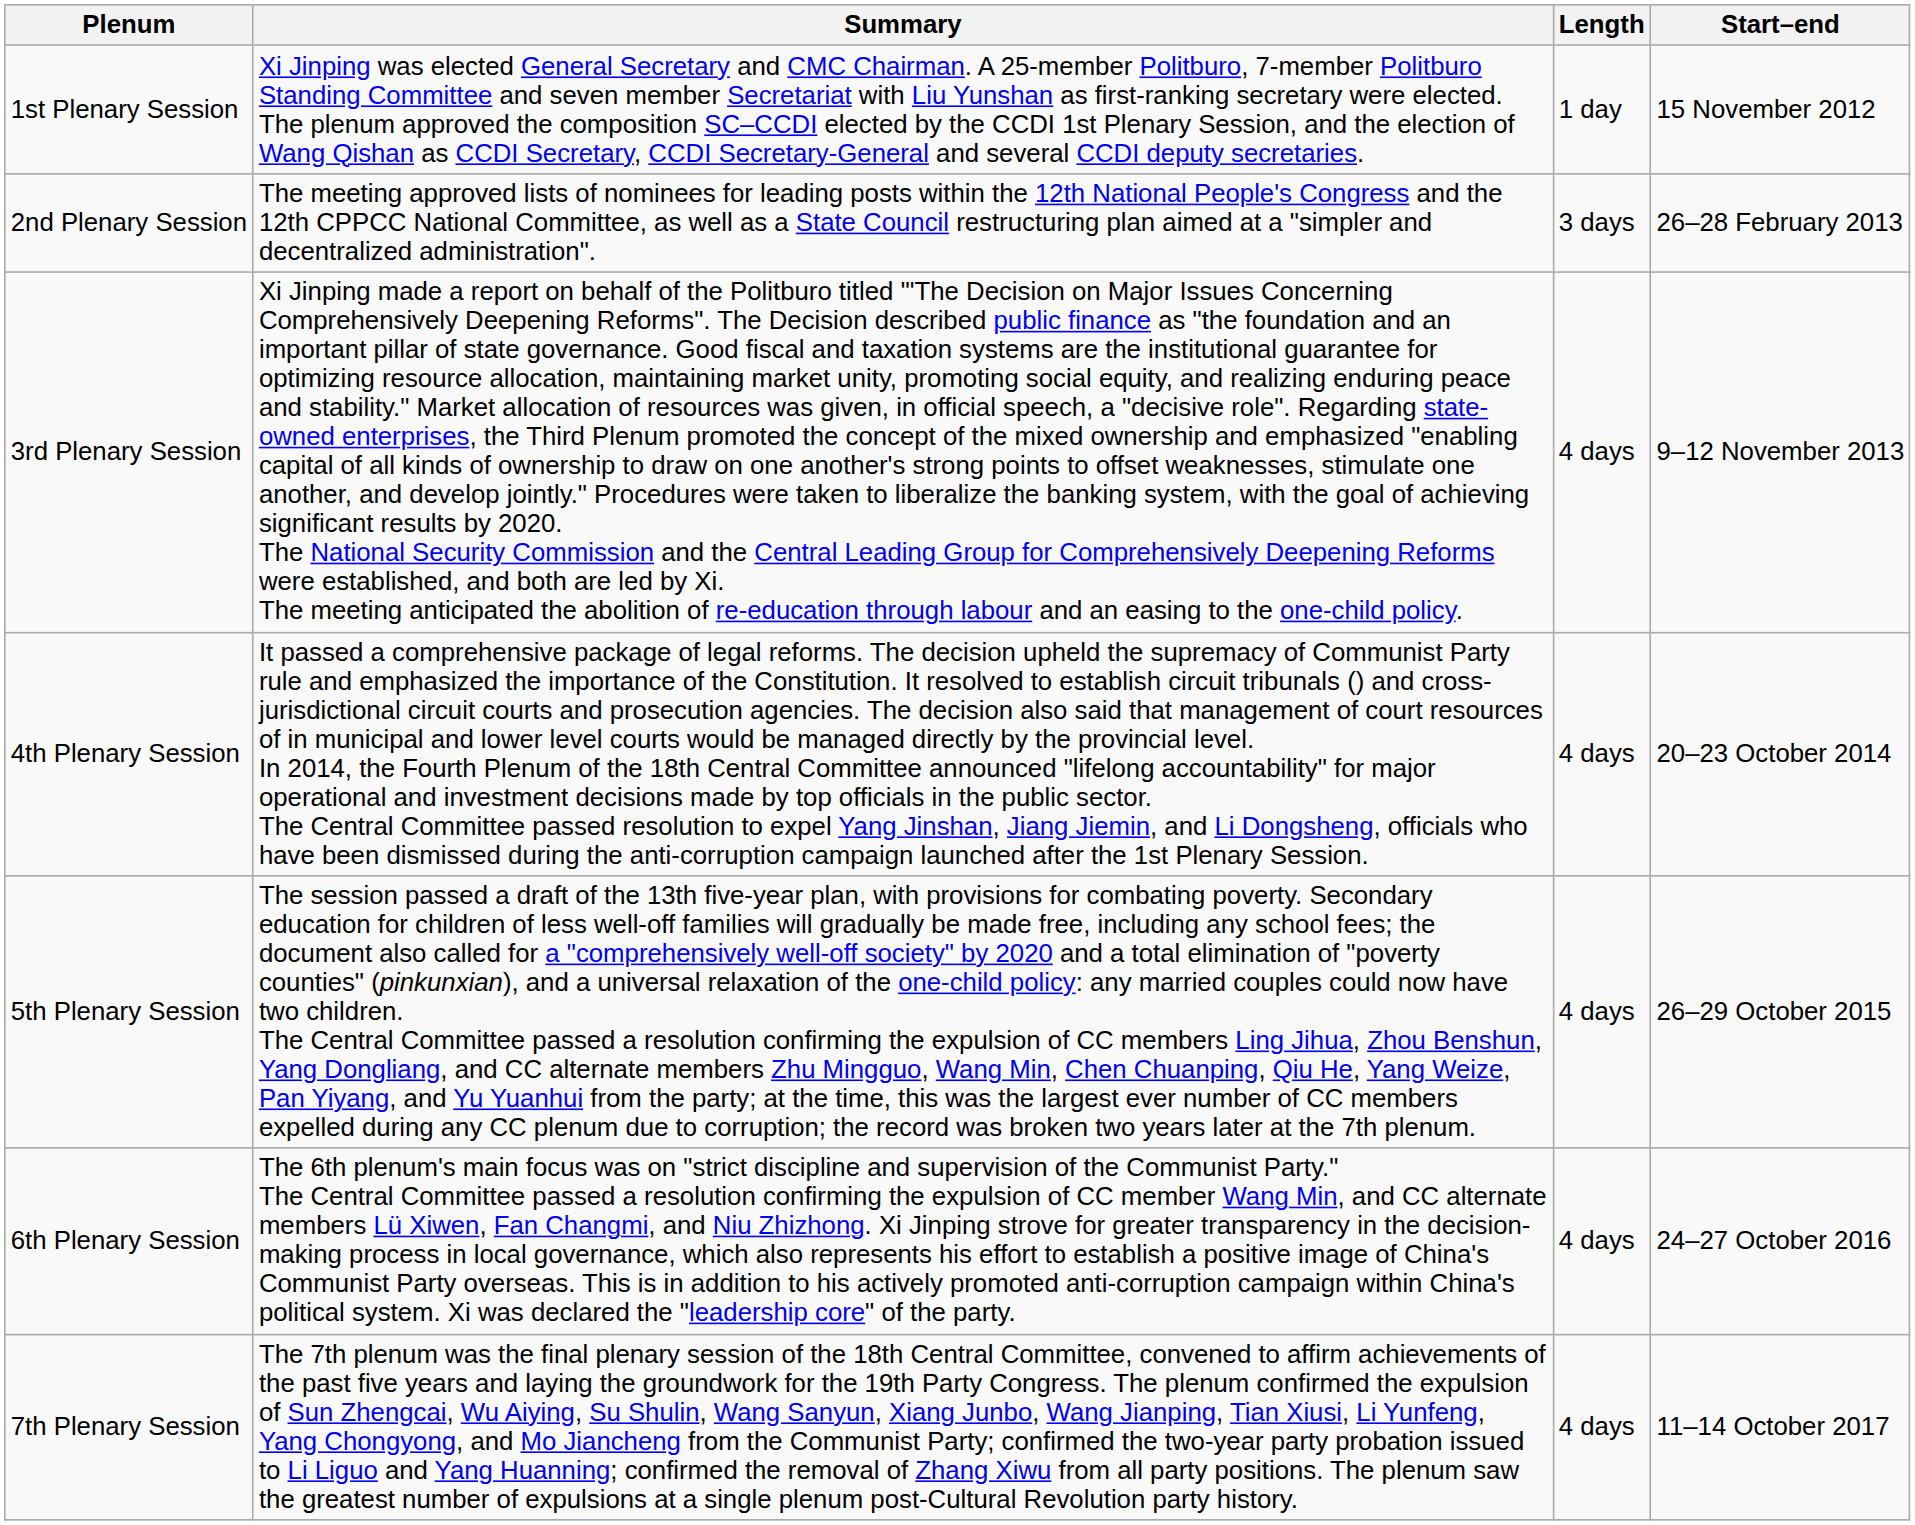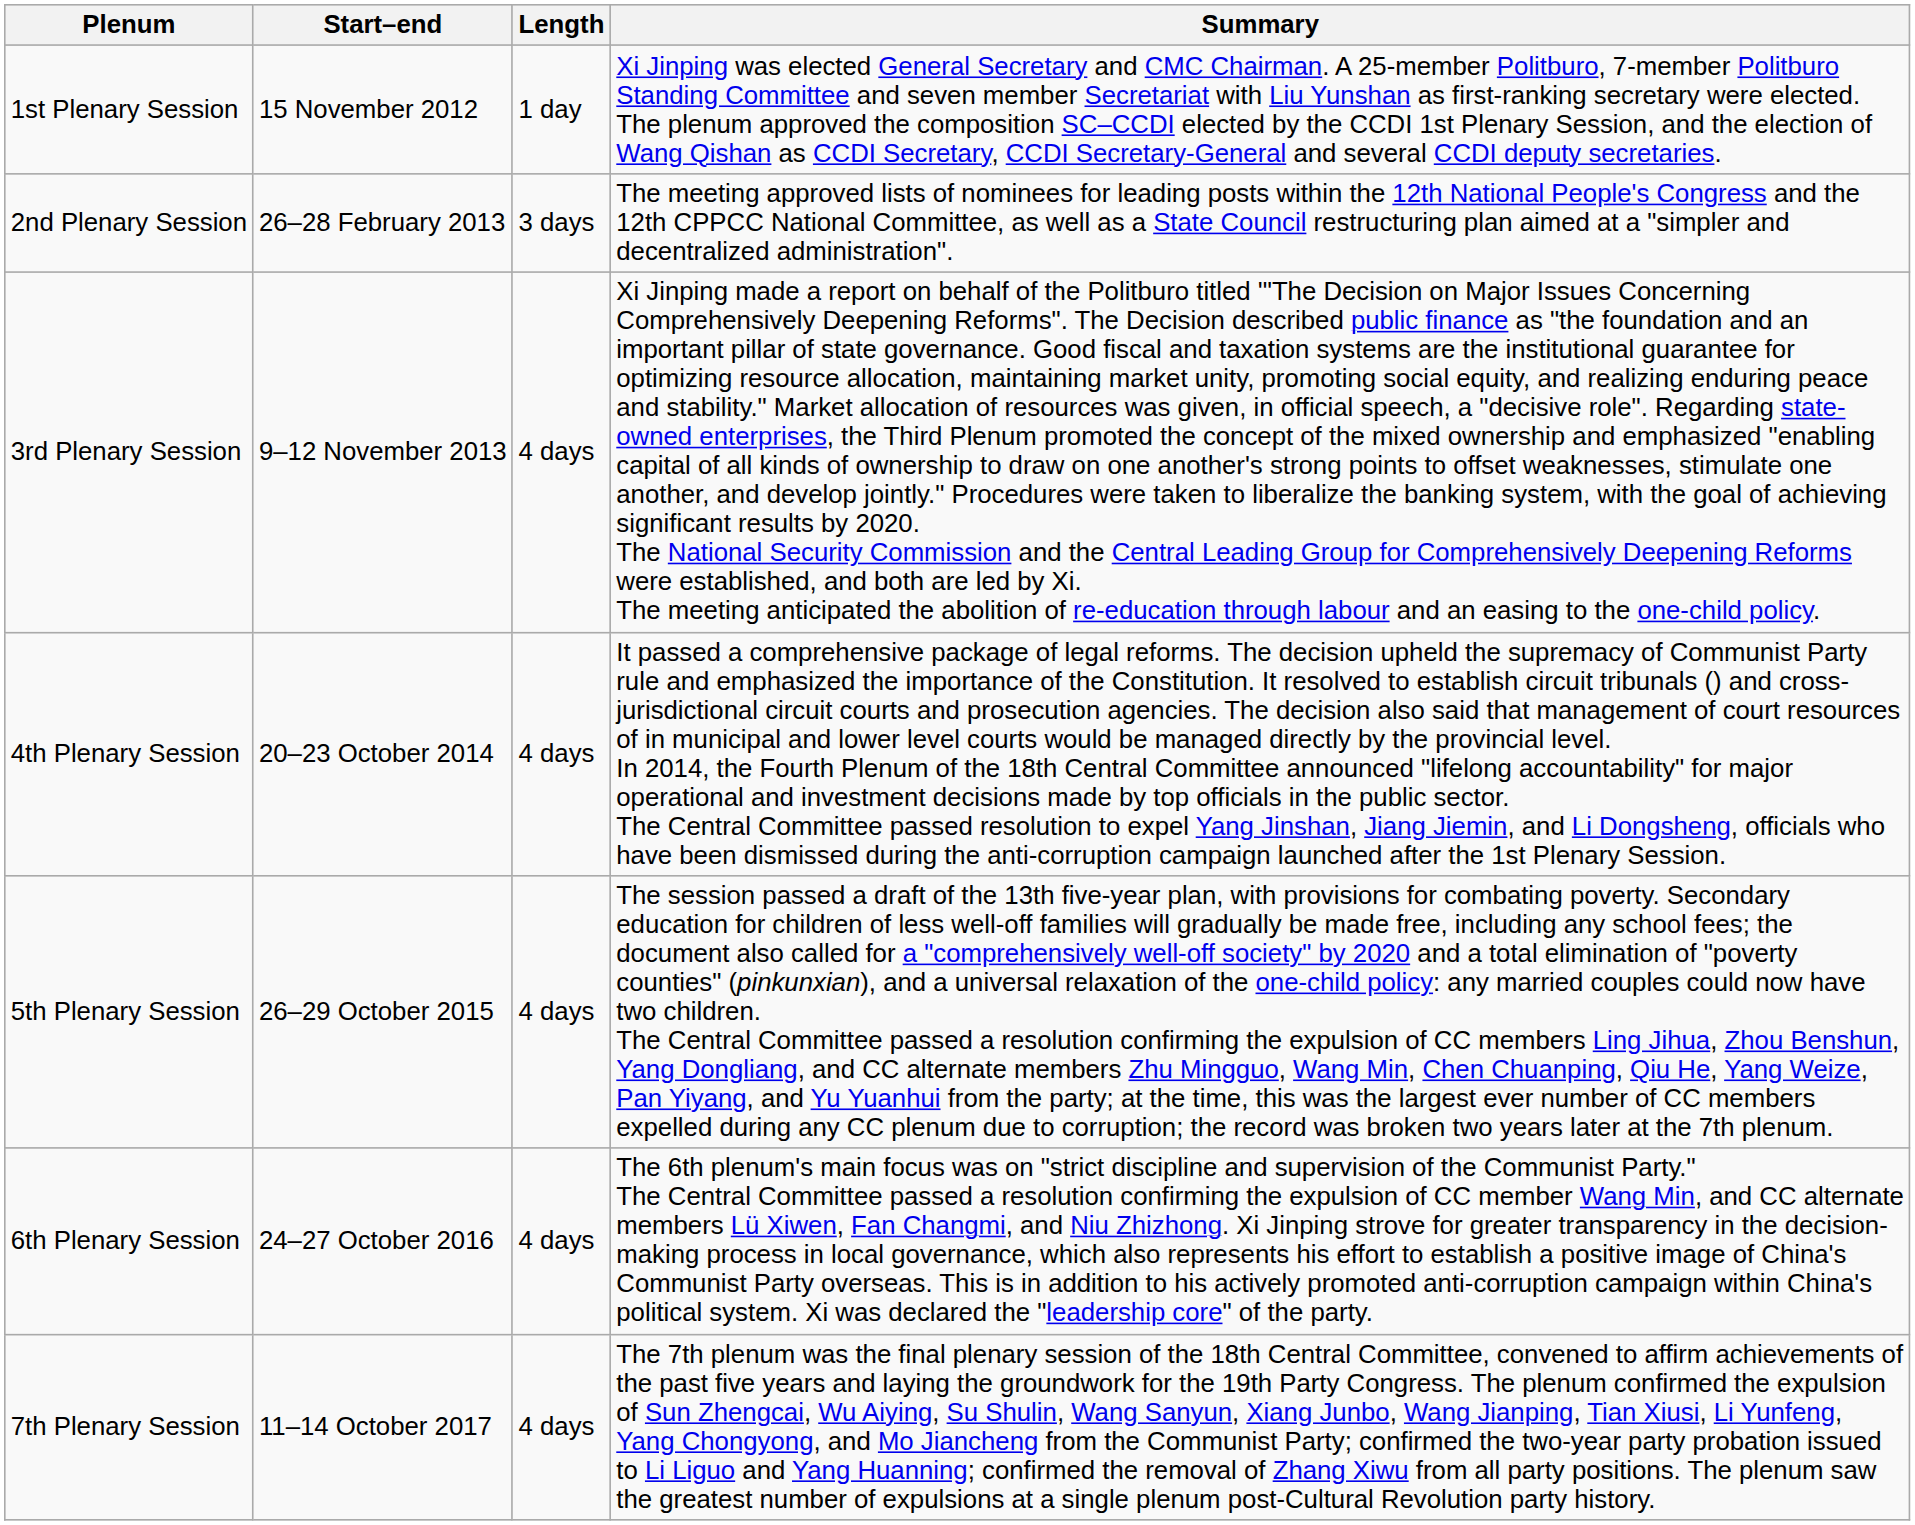 <table class="wikitable">
 <tr>
 <th scope="col">Plenum</th>
+<th scope="col">Start–end</th>
+<th scope="col">Length</th>
 <th scope="col" style="width:50em;">Summary</th>
-<th scope="col">Length</th>
-<th scope="col">Start–end</th>
 </tr>
 <tr>
 <td>1st Plenary Session</td>
+<td>15 November 2012</td>
+<td>1 day</td>
 <td><a href='#'>Xi Jinping</a> was elected <a href='#'>General Secretary</a> and <a href='#'>CMC Chairman</a>. A 25-member <a href='#'>Politburo</a>, 7-member <a href='#'>Politburo Standing Committee</a> and seven member <a href='#'>Secretariat</a> with <a href='#'>Liu Yunshan</a> as first-ranking secretary were elected. The plenum approved the composition <a href='#'>SC–CCDI</a> elected by the CCDI 1st Plenary Session, and the election of <a href='#'>Wang Qishan</a> as <a href='#'>CCDI Secretary</a>, <a href='#'>CCDI Secretary-General</a> and several <a href='#'>CCDI deputy secretaries</a>.</td>
-<td>1 day</td>
-<td>15 November 2012</td>
 </tr>
 <tr>
 <td>2nd Plenary Session</td>
+<td>26–28 February 2013</td>
+<td>3 days</td>
 <td>The meeting approved lists of nominees for leading posts within the <a href='#'>12th National People's Congress</a> and the 12th CPPCC National Committee, as well as a <a href='#'>State Council</a> restructuring plan aimed at a "simpler and decentralized administration".</td>
-<td>3 days</td>
-<td>26–28 February 2013</td>
 </tr>
 <tr>
 <td>3rd Plenary Session</td>
+<td>9–12 November 2013</td>
+<td>4 days</td>
 <td>Xi Jinping made a report on behalf of the Politburo titled '"The Decision on Major Issues Concerning Comprehensively Deepening Reforms". The Decision described <a href='#'>public finance</a> as "the foundation and an important pillar of state governance. Good fiscal and taxation systems are the institutional guarantee for optimizing resource allocation, maintaining market unity, promoting social equity, and realizing enduring peace and stability." Market allocation of resources was given, in official speech, a "decisive role". Regarding <a href='#'>state-owned enterprises</a>, the Third Plenum promoted the concept of the mixed ownership and emphasized "enabling capital of all kinds of ownership to draw on one another's strong points to offset weaknesses, stimulate one another, and develop jointly." Procedures were taken to liberalize the banking system, with the goal of achieving significant results by 2020.<br>The <a href='#'>National Security Commission</a> and the <a href='#'>Central Leading Group for Comprehensively Deepening Reforms</a> were established, and both are led by Xi.<br>The meeting anticipated the abolition of <a href='#'>re-education through labour</a> and an easing to the <a href='#'>one-child policy</a>.</td>
-<td>4 days</td>
-<td>9–12 November 2013</td>
 </tr>
 <tr>
 <td>4th Plenary Session</td>
+<td>20–23 October 2014</td>
+<td>4 days</td>
 <td>It passed a comprehensive package of legal reforms. The decision upheld the supremacy of Communist Party rule and emphasized the importance of the Constitution. It resolved to establish circuit tribunals () and cross-jurisdictional circuit courts and prosecution agencies. The decision also said that management of court resources of in municipal and lower level courts would be managed directly by the provincial level.<br>In 2014, the Fourth Plenum of the 18th Central Committee announced "lifelong accountability" for major operational and investment decisions made by top officials in the public sector.<br>The Central Committee passed resolution to expel <a href='#'>Yang Jinshan</a>, <a href='#'>Jiang Jiemin</a>, and <a href='#'>Li Dongsheng</a>, officials who have been dismissed during the anti-corruption campaign launched after the 1st Plenary Session.</td>
-<td>4 days</td>
-<td>20–23 October 2014</td>
 </tr>
 <tr>
 <td>5th Plenary Session</td>
+<td>26–29 October 2015</td>
+<td>4 days</td>
 <td>The session passed a draft of the 13th five-year plan, with provisions for combating poverty.  Secondary education for children of less well-off families will gradually be made free, including any school fees; the document also called for <a href='#'>a "comprehensively well-off society" by 2020</a> and a total elimination of "poverty counties" (<em>pinkunxian</em>), and a universal relaxation of the <a href='#'>one-child policy</a>: any married couples could now have two children.<br>The Central Committee passed a resolution confirming the expulsion of CC members <a href='#'>Ling Jihua</a>, <a href='#'>Zhou Benshun</a>, <a href='#'>Yang Dongliang</a>, and CC alternate members <a href='#'>Zhu Mingguo</a>, <a href='#'>Wang Min</a>, <a href='#'>Chen Chuanping</a>, <a href='#'>Qiu He</a>, <a href='#'>Yang Weize</a>, <a href='#'>Pan Yiyang</a>, and <a href='#'>Yu Yuanhui</a> from the party; at the time, this was the largest ever number of CC members expelled during any CC plenum due to corruption; the record was broken two years later at the 7th plenum.</td>
-<td>4 days</td>
-<td>26–29 October 2015</td>
 </tr>
 <tr>
 <td>6th Plenary Session</td>
+<td>24–27 October 2016</td>
+<td>4 days</td>
 <td>The 6th plenum's main focus was on "strict discipline and supervision of the Communist Party."<br>The Central Committee passed a resolution confirming the expulsion of CC member <a href='#'>Wang Min</a>, and CC alternate members <a href='#'>Lü Xiwen</a>, <a href='#'>Fan Changmi</a>, and <a href='#'>Niu Zhizhong</a>. Xi Jinping strove for greater transparency in the decision-making process in local governance, which also represents his effort to establish a positive image of China's Communist Party overseas. This is in addition to his actively promoted anti-corruption campaign within China's political system. Xi was declared the "<a href='#'>leadership core</a>" of the party.</td>
-<td>4 days</td>
-<td>24–27 October 2016</td>
 </tr>
 <tr>
 <td>7th Plenary Session</td>
+<td>11–14 October 2017</td>
+<td>4 days</td>
 <td>The 7th plenum was the final plenary session of the 18th Central Committee, convened to affirm achievements of the past five years and laying the groundwork for the 19th Party Congress. The plenum confirmed the expulsion of <a href='#'>Sun Zhengcai</a>, <a href='#'>Wu Aiying</a>, <a href='#'>Su Shulin</a>, <a href='#'>Wang Sanyun</a>, <a href='#'>Xiang Junbo</a>, <a href='#'>Wang Jianping</a>, <a href='#'>Tian Xiusi</a>, <a href='#'>Li Yunfeng</a>, <a href='#'>Yang Chongyong</a>, and <a href='#'>Mo Jiancheng</a> from the Communist Party; confirmed the two-year party probation issued to <a href='#'>Li Liguo</a> and <a href='#'>Yang Huanning</a>; confirmed the removal of <a href='#'>Zhang Xiwu</a> from all party positions. The plenum saw the greatest number of expulsions at a single plenum post-Cultural Revolution party history.</td>
-<td>4 days</td>
-<td>11–14 October 2017</td>
 </tr>
 </table>
